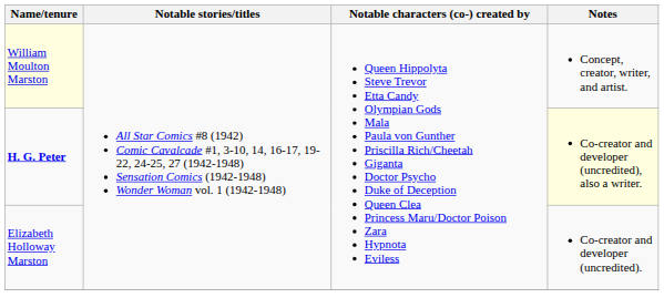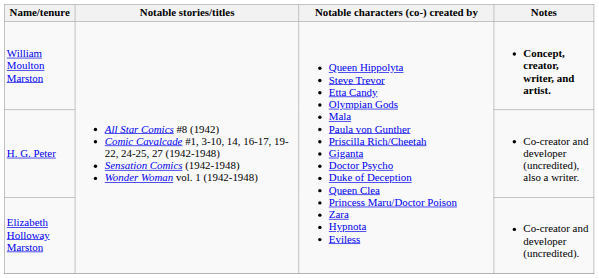 <table class="wikitable">
 <tr>
 <th width="12%">Name/tenure</th>
 <th width="38%">Notable stories/titles</th>
 <th width="33%">Notable characters (co-) created by</th>
 <th width="25%">Notes</th>
 </tr>
 <tr>
-<td style="background: lightyellow;"><a href='#'>William Moulton Marston</a></td>
+<td><a href='#'>William Moulton Marston</a></td>
 <td rowspan='3'><br><ul><li><em><a href='#'>All Star Comics</a></em> #8 (1942)</li><li><em><a href='#'>Comic Cavalcade</a></em> #1, 3-10, 14, 16-17, 19-22, 24-25, 27 (1942-1948)</li><li><em><a href='#'>Sensation Comics</a></em> (1942-1948)</li><li><em><a href='#'>Wonder Woman</a></em> vol. 1 (1942-1948)</li></ul></td>
 <td rowspan='3'><br><ul><li><a href='#'>Queen Hippolyta</a></li><li><a href='#'>Steve Trevor</a></li><li><a href='#'>Etta Candy</a></li><li><a href='#'>Olympian Gods</a></li><li><a href='#'>Mala</a></li><li><a href='#'>Paula von Gunther</a></li><li><a href='#'>Priscilla Rich/Cheetah</a></li><li><a href='#'>Giganta</a></li><li><a href='#'>Doctor Psycho</a></li><li><a href='#'>Duke of Deception</a></li><li><a href='#'>Queen Clea</a></li><li><a href='#'>Princess Maru/Doctor Poison</a></li><li><a href='#'>Zara</a></li><li><a href='#'>Hypnota</a></li><li><a href='#'>Eviless</a></li></ul></td>
-<td><br><ul><li>Concept, creator, writer, and artist.</li></ul></td>
+<td><strong><br><ul><li>Concept, creator, writer, and artist.</li></ul></strong></td>
 </tr>
 <tr>
-<td><strong><a href='#'>H. G. Peter</a></strong></td>
-<td style="background: lightyellow;"><br><ul><li>Co-creator and developer (uncredited), also a writer.</li></ul></td>
+<td><a href='#'>H. G. Peter</a></td>
+<td><br><ul><li>Co-creator and developer (uncredited), also a writer.</li></ul></td>
 </tr>
 <tr>
 <td><a href='#'>Elizabeth Holloway Marston</a></td>
 <td><br><ul><li>Co-creator and developer (uncredited).</li></ul></td>
 </tr>
 <tr>
 </tr>
 </table>
